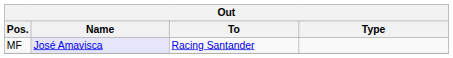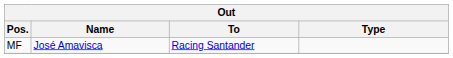 <table class="wikitable" style="font-size:90%;width:99%;">
 <tr>
 <th colspan="4">Out</th>
 </tr>
 <tr>
 <th width=3%>Pos.</th>
 <th width=32%>Name</th>
 <th width=30%>To</th>
 <th width=35%>Type</th>
 </tr>
 <tr>
 <td>MF</td>
-<td style="background: lavender;"><a href='#'>José Amavisca</a></td>
+<td><a href='#'>José Amavisca</a></td>
 <td><a href='#'>Racing Santander</a></td>
 <td></td>
 </tr>
 <tr>
 </tr>
 </table>
